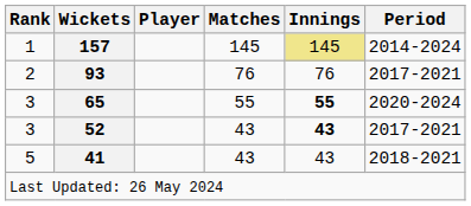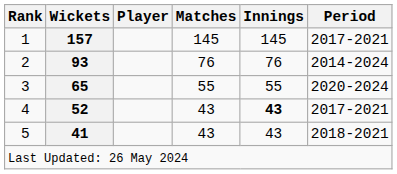 <table class="wikitable">
 <tr>
 <th style="text-align:center;">Rank</th>
 <th style="text-align:center;">Wickets</th>
 <th style="text-align:center;">Player</th>
 <th style="text-align:center;">Matches</th>
 <th style="text-align:center;">Innings</th>
 <th style="text-align:center;">Period</th>
 </tr>
 <tr>
 <td align=center>1</td>
 <th scope=row style=text-align:center;>157</th>
 <td> </td>
 <td align=center>145</td>
-<td align=center style="background: khaki;">145</td>
-<td>2014-2024</td>
+<td align=center>145</td>
+<td>2017-2021</td>
 </tr>
 <tr>
 <td align=center>2</td>
 <th scope=row style=text-align:center;>93</th>
 <td></td>
 <td align=center>76</td>
 <td align=center>76</td>
-<td>2017-2021</td>
+<td>2014-2024</td>
 </tr>
 <tr>
 <td align=center>3</td>
 <th scope=row style=text-align:center;>65</th>
 <td> </td>
 <td align=center>55</td>
-<td align=center><strong>55</strong></td>
+<td align=center>55</td>
 <td>2020-2024</td>
 </tr>
 <tr>
-<td align=center>3</td>
+<td align=center>4</td>
 <th scope=row style=text-align:center;>52</th>
 <td></td>
 <td align=center>43</td>
 <td align=center><strong>43</strong></td>
 <td>2017-2021</td>
 </tr>
 <tr>
 <td align=center>5</td>
 <th scope=row style=text-align:center;>41</th>
 <td></td>
 <td align=center>43</td>
 <td align=center>43</td>
 <td>2018-2021</td>
 </tr>
 <tr class=sortbottom>
 <td colspan=7><small>Last Updated: 26 May 2024</small> </td>
 </tr>
 </table>
